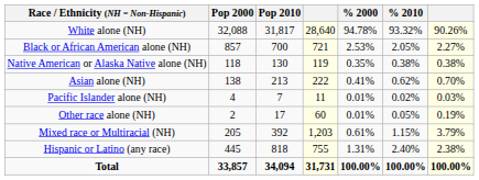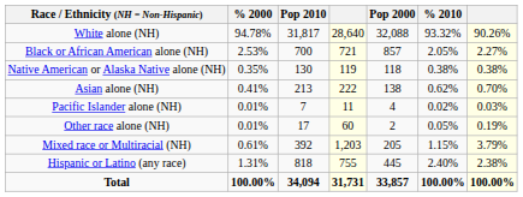 <table class="wikitable" style="text-align:center;">
 <tr>
 <th>Race / Ethnicity <small>(<em>NH = Non-Hispanic</em>)</small></th>
-<th>Pop 2000</th>
+<th>% 2000</th>
 <th>Pop 2010</th>
 <th></th>
-<th>% 2000</th>
+<th>Pop 2000</th>
 <th>% 2010</th>
 <th></th>
 </tr>
 <tr>
 <td><a href='#'>White</a> alone (NH)</td>
-<td>32,088</td>
+<td>94.78%</td>
 <td>31,817</td>
 <td style='background: #ffffe6;'>28,640</td>
-<td>94.78%</td>
+<td>32,088</td>
 <td>93.32%</td>
 <td style='background: #ffffe6;'>90.26%</td>
 </tr>
 <tr>
 <td><a href='#'>Black or African American</a> alone (NH)</td>
-<td>857</td>
+<td>2.53%</td>
 <td>700</td>
 <td style='background: #ffffe6;'>721</td>
-<td>2.53%</td>
+<td>857</td>
 <td>2.05%</td>
 <td style='background: #ffffe6;'>2.27%</td>
 </tr>
 <tr>
 <td><a href='#'>Native American</a> or <a href='#'>Alaska Native</a> alone (NH)</td>
-<td>118</td>
+<td>0.35%</td>
 <td>130</td>
 <td style='background: #ffffe6;'>119</td>
-<td>0.35%</td>
+<td>118</td>
 <td>0.38%</td>
 <td style='background: #ffffe6;'>0.38%</td>
 </tr>
 <tr>
 <td><a href='#'>Asian</a> alone (NH)</td>
-<td>138</td>
+<td>0.41%</td>
 <td>213</td>
 <td style='background: #ffffe6;'>222</td>
-<td>0.41%</td>
+<td>138</td>
 <td>0.62%</td>
 <td style='background: #ffffe6;'>0.70%</td>
 </tr>
 <tr>
 <td><a href='#'>Pacific Islander</a> alone (NH)</td>
-<td>4</td>
+<td>0.01%</td>
 <td>7</td>
 <td style='background: #ffffe6;'>11</td>
-<td>0.01%</td>
+<td>4</td>
 <td>0.02%</td>
 <td style='background: #ffffe6;'>0.03%</td>
 </tr>
 <tr>
 <td><a href='#'>Other race</a> alone (NH)</td>
-<td>2</td>
+<td>0.01%</td>
 <td>17</td>
 <td style='background: #ffffe6;'>60</td>
-<td>0.01%</td>
+<td>2</td>
 <td>0.05%</td>
 <td style='background: #ffffe6;'>0.19%</td>
 </tr>
 <tr>
 <td><a href='#'>Mixed race or Multiracial</a> (NH)</td>
-<td>205</td>
+<td>0.61%</td>
 <td>392</td>
 <td style='background: #ffffe6;'>1,203</td>
-<td>0.61%</td>
+<td>205</td>
 <td>1.15%</td>
 <td style='background: #ffffe6;'>3.79%</td>
 </tr>
 <tr>
 <td><a href='#'>Hispanic or Latino</a> (any race)</td>
-<td>445</td>
+<td>1.31%</td>
 <td>818</td>
 <td style='background: #ffffe6;'>755</td>
-<td>1.31%</td>
+<td>445</td>
 <td>2.40%</td>
 <td style='background: #ffffe6;'>2.38%</td>
 </tr>
 <tr>
 <td><strong>Total</strong></td>
-<td><strong>33,857</strong></td>
+<td><strong>100.00%</strong></td>
 <td><strong>34,094</strong></td>
 <td style='background: #ffffe6;'><strong>31,731</strong></td>
-<td><strong>100.00%</strong></td>
+<td><strong>33,857</strong></td>
 <td><strong>100.00%</strong></td>
 <td style='background: #ffffe6;'><strong>100.00%</strong></td>
 </tr>
 </table>
